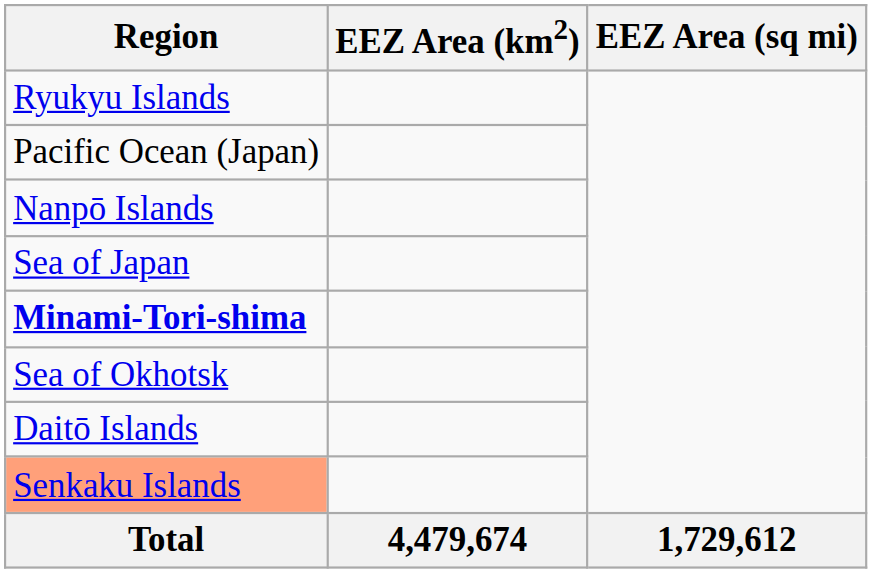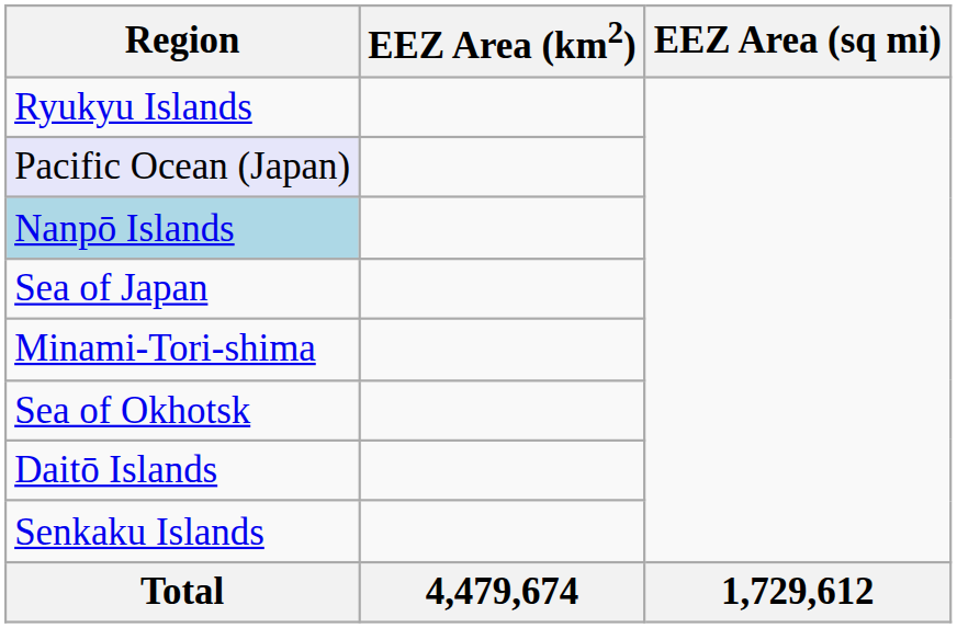 <table class="wikitable">
 <tr>
 <th>Region</th>
 <th>EEZ Area (km<sup>2</sup>)</th>
 <th>EEZ Area (sq mi)</th>
 </tr>
 <tr>
 <td><a href='#'>Ryukyu Islands</a></td>
 <td></td>
 </tr>
 <tr>
-<td>Pacific Ocean (Japan)</td>
+<td style="background: lavender;">Pacific Ocean (Japan)</td>
 <td></td>
 </tr>
 <tr>
-<td><a href='#'>Nanpō Islands</a></td>
+<td style="background: lightblue;"><a href='#'>Nanpō Islands</a></td>
 <td></td>
 </tr>
 <tr>
 <td><a href='#'>Sea of Japan</a></td>
 <td></td>
 </tr>
 <tr>
-<td><strong><a href='#'>Minami-Tori-shima</a></strong></td>
+<td><a href='#'>Minami-Tori-shima</a></td>
 <td></td>
 </tr>
 <tr>
 <td><a href='#'>Sea of Okhotsk</a></td>
 <td></td>
 </tr>
 <tr>
 <td><a href='#'>Daitō Islands</a></td>
 <td></td>
 </tr>
 <tr>
-<td style="background: lightsalmon;"><a href='#'>Senkaku Islands</a></td>
+<td><a href='#'>Senkaku Islands</a></td>
 <td></td>
 </tr>
 <tr>
 <th>Total</th>
 <th>4,479,674</th>
 <th>1,729,612</th>
 </tr>
 </table>
